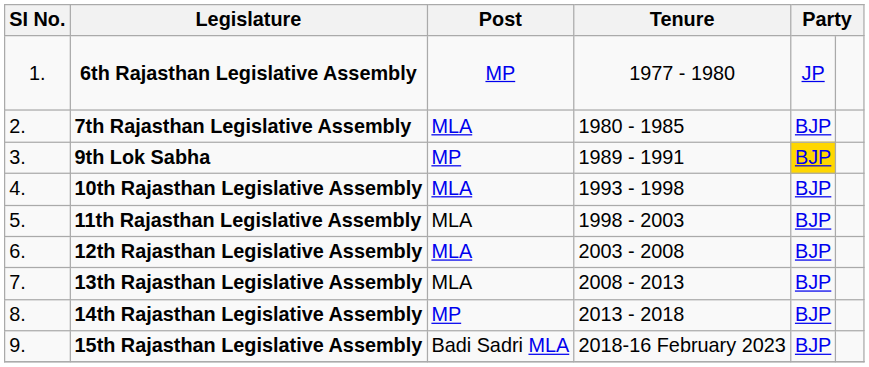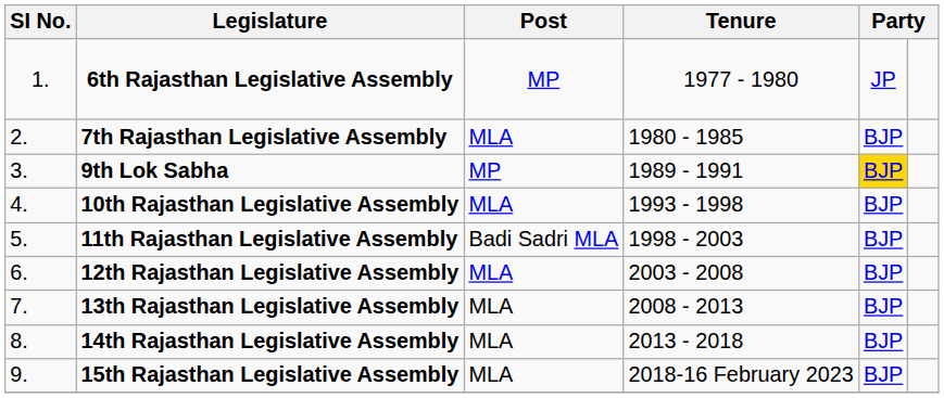 <table class = "wikitable">
 <tr>
 <th>SI No.</th>
 <th>Legislature</th>
 <th>Post</th>
 <th>Tenure</th>
 <th colspan="2" scope="col">Party</th>
 </tr>
 <tr style="text-align:center; height:60px;">
 <td>1.</td>
 <td><strong>6th Rajasthan Legislative Assembly</strong></td>
 <td><a href='#'>MP</a></td>
 <td>1977 - 1980</td>
 <td><a href='#'>JP</a></td>
 <td width="15px" style="background-color: "></td>
 </tr>
 <tr>
 <td>2.</td>
 <td><strong>7th Rajasthan Legislative Assembly</strong></td>
 <td><a href='#'>MLA</a></td>
 <td>1980 - 1985</td>
 <td><a href='#'>BJP</a></td>
 <td width="4px" style="background-color: "></td>
 </tr>
 <tr>
 <td>3.</td>
 <td><strong>9th Lok Sabha</strong></td>
 <td><a href='#'>MP</a></td>
 <td>1989 - 1991</td>
 <td style="background: gold;"><a href='#'>BJP</a></td>
 <td width="4px" style="background-color: "></td>
 </tr>
 <tr>
 <td>4.</td>
 <td><strong>10th Rajasthan Legislative Assembly</strong></td>
 <td><a href='#'>MLA</a></td>
 <td>1993 - 1998</td>
 <td><a href='#'>BJP</a></td>
 <td width="4px" style="background-color: "></td>
 </tr>
 <tr>
 <td>5.</td>
 <td><strong>11th Rajasthan Legislative Assembly</strong></td>
-<td>MLA</td>
+<td>Badi Sadri <a href='#'>MLA</a></td>
 <td>1998 - 2003</td>
 <td><a href='#'>BJP</a></td>
 <td width="4px" style="background-color: "></td>
 </tr>
 <tr>
 <td>6.</td>
 <td><strong>12th Rajasthan Legislative Assembly</strong></td>
 <td><a href='#'>MLA</a></td>
 <td>2003 - 2008</td>
 <td><a href='#'>BJP</a></td>
 <td width="4px" style="background-color: "></td>
 </tr>
 <tr>
 <td>7.</td>
 <td><strong>13th Rajasthan Legislative Assembly</strong></td>
 <td>MLA</td>
 <td>2008 - 2013</td>
 <td><a href='#'>BJP</a></td>
 <td width="4px" style="background-color: "></td>
 </tr>
 <tr>
 <td>8.</td>
 <td><strong>14th Rajasthan Legislative Assembly</strong></td>
-<td><a href='#'>MP</a></td>
+<td>MLA</td>
 <td>2013 - 2018</td>
 <td><a href='#'>BJP</a></td>
 <td width="4px" style="background-color: "></td>
 </tr>
 <tr>
 <td>9.</td>
 <td><strong>15th Rajasthan Legislative Assembly</strong></td>
-<td>Badi Sadri <a href='#'>MLA</a></td>
+<td>MLA</td>
 <td>2018-16 February 2023 </td>
 <td><a href='#'>BJP</a></td>
 <td width="4px" style="background-color: "></td>
 </tr>
 <tr>
 </tr>
 </table>
